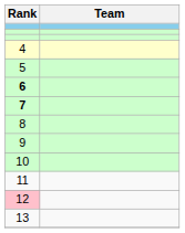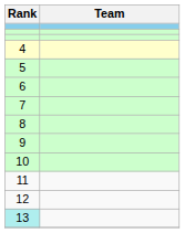 <table class="wikitable" style="text-align: center;">
 <tr>
 <th width=40>Rank</th>
 <th width=180>Team</th>
 </tr>
 <tr bgcolor=#87ceeb>
 <td></td>
 <td style="text-align:left;"></td>
 </tr>
 <tr bgcolor=#ccffcc>
 <td></td>
 <td style="text-align:left;"></td>
 </tr>
 <tr bgcolor=#ccffcc>
 <td></td>
 <td style="text-align:left;"></td>
 </tr>
 <tr bgcolor=#ffffcc>
 <td>4</td>
 <td style="text-align:left;"></td>
 </tr>
 <tr bgcolor=#ccffcc>
 <td>5</td>
 <td style="text-align:left;"></td>
 </tr>
 <tr bgcolor=#ccffcc>
-<td><strong>6</strong></td>
+<td>6</td>
 <td style="text-align:left;"></td>
 </tr>
 <tr bgcolor=#ccffcc>
-<td><strong>7</strong></td>
+<td>7</td>
 <td style="text-align:left;"></td>
 </tr>
 <tr bgcolor=#ccffcc>
 <td>8</td>
 <td style="text-align:left;"></td>
 </tr>
 <tr bgcolor=#ccffcc>
 <td>9</td>
 <td style="text-align:left;"></td>
 </tr>
 <tr bgcolor=#ccffcc>
 <td>10</td>
 <td style="text-align:left;"></td>
 </tr>
 <tr>
 <td>11</td>
 <td style="text-align:left;"></td>
 </tr>
 <tr>
-<td style="background: pink;">12</td>
+<td>12</td>
 <td style="text-align:left;"></td>
 </tr>
 <tr>
-<td>13</td>
+<td style="background: paleturquoise;">13</td>
 <td style="text-align:left;"></td>
 </tr>
 <tr align=center>
 </tr>
 </table>
